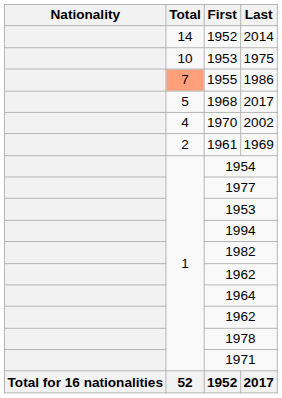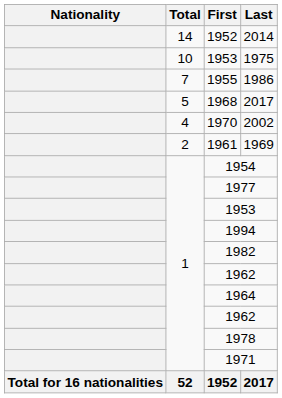 <table class="sortable plainrowheaders wikitable" style="text-align:center">
 <tr>
 <th scope=col>Nationality</th>
 <th scope=col>Total</th>
 <th scope=col>First</th>
 <th scope=col>Last</th>
 </tr>
 <tr>
 <th scope=row></th>
 <td>14</td>
 <td>1952</td>
 <td>2014</td>
 </tr>
 <tr>
 <th scope=row></th>
 <td>10</td>
 <td>1953</td>
 <td>1975</td>
 </tr>
 <tr>
 <th scope=row></th>
-<td style="background: lightsalmon;">7</td>
+<td>7</td>
 <td>1955</td>
 <td>1986</td>
 </tr>
 <tr>
 <th scope=row></th>
 <td>5</td>
 <td>1968</td>
 <td>2017</td>
 </tr>
 <tr>
 <th scope=row></th>
 <td>4</td>
 <td>1970</td>
 <td>2002</td>
 </tr>
 <tr>
 <th scope=row></th>
 <td>2</td>
 <td>1961</td>
 <td>1969</td>
 </tr>
 <tr>
 <th scope=row></th>
 <td rowspan="10">1</td>
 <td colspan="2">1954</td>
 </tr>
 <tr>
 <th scope=row></th>
 <td colspan="2">1977</td>
 </tr>
 <tr>
 <th scope=row></th>
 <td colspan="2">1953</td>
 </tr>
 <tr>
 <th scope=row></th>
 <td colspan="2">1994</td>
 </tr>
 <tr>
 <th scope=row></th>
 <td colspan="2">1982</td>
 </tr>
 <tr>
 <th scope=row></th>
 <td colspan="2">1962</td>
 </tr>
 <tr>
 <th scope=row></th>
 <td colspan="2">1964</td>
 </tr>
 <tr>
 <th scope=row></th>
 <td colspan="2">1962</td>
 </tr>
 <tr>
 <th scope=row></th>
 <td colspan="2">1978</td>
 </tr>
 <tr>
 <th scope=row></th>
 <td colspan="2">1971</td>
 </tr>
 <tr>
 <th>Total for 16 nationalities</th>
 <th>52</th>
 <th>1952</th>
 <th>2017</th>
 </tr>
 </table>
